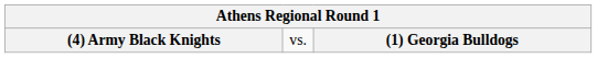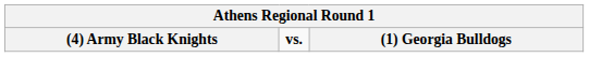 <table class="wikitable">
 <tr>
 <th style="width: 604px;" colspan=3>Athens Regional Round 1</th>
 </tr>
 <tr>
 <th style="width: 289px; ">(4) Army Black Knights</th>
-<td style="width: 25px; text-align:center">vs.</td>
+<td style="width: 25px; text-align:center"><strong>vs.</strong></td>
 <th style="width: 289px; ">(1) Georgia Bulldogs</th>
 </tr>
 </table>
